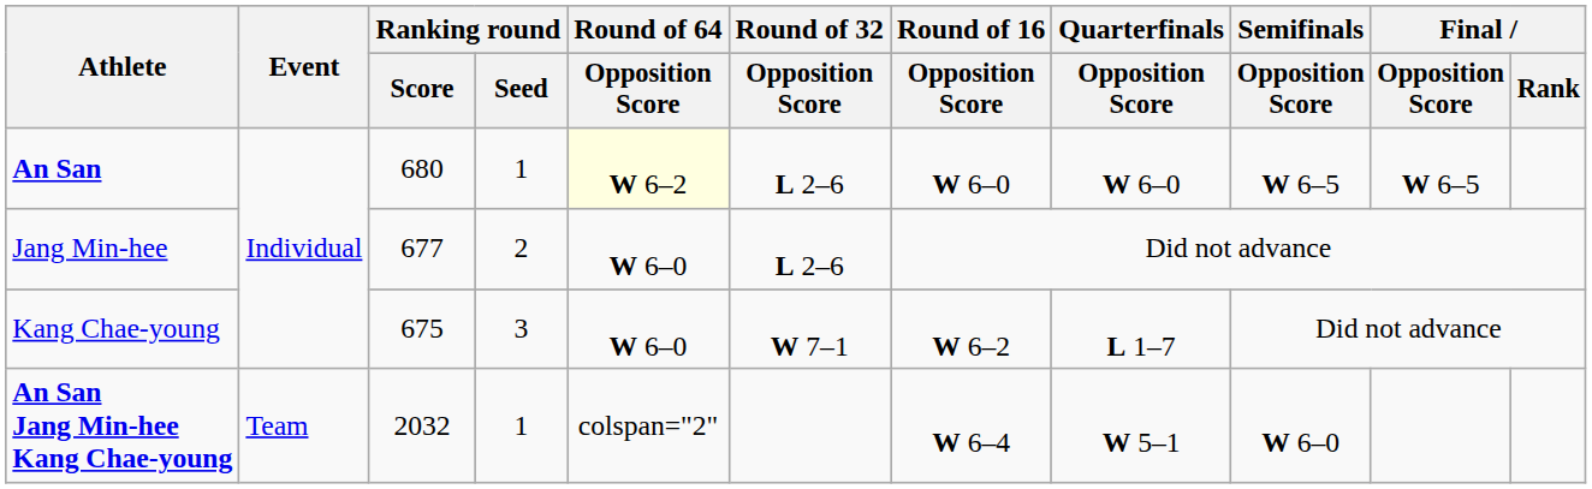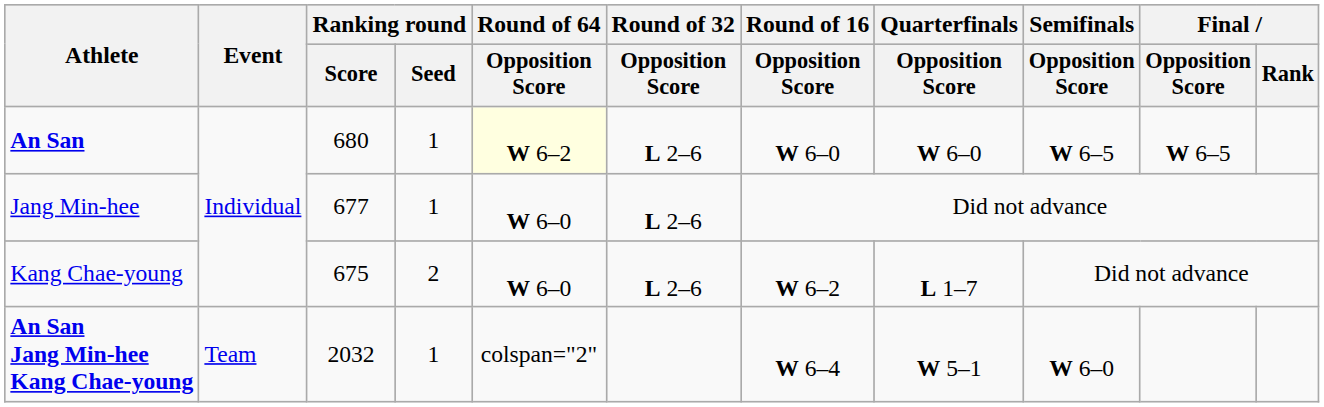 <table class="wikitable" style="font-size:90%; text-align:center">
 <tr>
 <th rowspan="2">Athlete</th>
 <th rowspan="2">Event</th>
 <th colspan="2">Ranking round</th>
 <th>Round of 64</th>
 <th>Round of 32</th>
 <th>Round of 16</th>
 <th>Quarterfinals</th>
 <th>Semifinals</th>
 <th colspan="2">Final / </th>
 </tr>
 <tr style="font-size:95%">
 <th>Score</th>
 <th>Seed</th>
 <th>Opposition<br>Score</th>
 <th>Opposition<br>Score</th>
 <th>Opposition<br>Score</th>
 <th>Opposition<br>Score</th>
 <th>Opposition<br>Score</th>
 <th>Opposition<br>Score</th>
 <th>Rank</th>
 </tr>
 <tr>
 <td style="text-align:left"><strong><a href='#'>An San</a></strong></td>
 <td rowspan="3" style="text-align:left"><a href='#'>Individual</a></td>
 <td>680</td>
 <td>1</td>
 <td style="background: lightyellow;"><br><strong>W</strong> 6–2</td>
 <td><br> <strong>L</strong> 2–6</td>
 <td><br><strong>W</strong> 6–0</td>
 <td><br><strong>W</strong> 6–0</td>
 <td><br><strong>W</strong> 6–5</td>
 <td><br><strong>W</strong> 6–5</td>
 <td></td>
 </tr>
 <tr>
 <td style="text-align:left"><a href='#'>Jang Min-hee</a></td>
 <td>677</td>
-<td>2</td>
+<td>1</td>
 <td><br><strong>W</strong> 6–0</td>
 <td><br> <strong>L</strong> 2–6</td>
 <td colspan="5">Did not advance</td>
 </tr>
 <tr>
 <td style="text-align:left"><a href='#'>Kang Chae-young</a></td>
 <td>675</td>
-<td>3</td>
+<td>2</td>
 <td><br><strong>W</strong> 6–0</td>
-<td><br><strong>W</strong> 7–1</td>
+<td><br> <strong>L</strong> 2–6</td>
 <td><br><strong>W</strong> 6–2</td>
 <td><br><strong>L</strong> 1–7</td>
 <td colspan="3">Did not advance</td>
 </tr>
 <tr>
 <td style="text-align:left"><strong><a href='#'>An San</a><br><a href='#'>Jang Min-hee</a><br><a href='#'>Kang Chae-young</a></strong></td>
 <td style="text-align:left"><a href='#'>Team</a></td>
 <td>2032</td>
 <td>1</td>
 <td>colspan="2" </td>
 <td></td>
 <td><br><strong>W</strong> 6–4</td>
 <td><br><strong>W</strong> 5–1</td>
 <td><br><strong>W</strong> 6–0</td>
 <td></td>
 </tr>
 </table>
